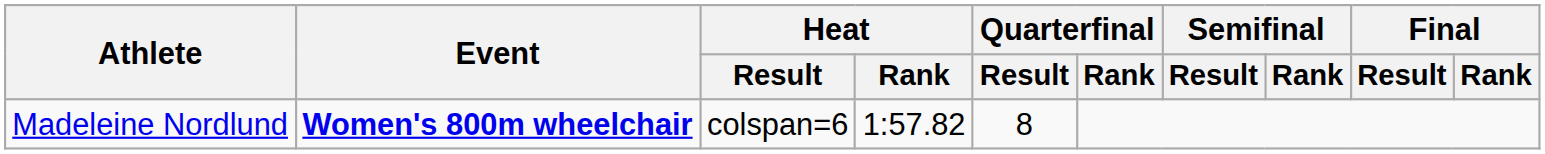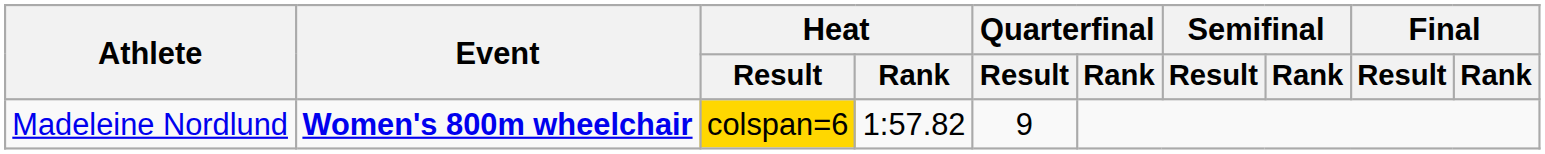 <table class=wikitable style="font-size:90%">
 <tr>
 <th rowspan="2">Athlete</th>
 <th rowspan="2">Event</th>
 <th colspan="2">Heat</th>
 <th colspan="2">Quarterfinal</th>
 <th colspan="2">Semifinal</th>
 <th colspan="2">Final</th>
 </tr>
 <tr style="font-size:95%">
 <th>Result</th>
 <th>Rank</th>
 <th>Result</th>
 <th>Rank</th>
 <th>Result</th>
 <th>Rank</th>
 <th>Result</th>
 <th>Rank</th>
 </tr>
 <tr>
 <td align=left><a href='#'>Madeleine Nordlund</a></td>
 <td align=left><strong><a href='#'>Women's 800m wheelchair</a></strong></td>
-<td>colspan=6 </td>
+<td style="background: gold;">colspan=6 </td>
 <td align=center>1:57.82</td>
-<td align=center>8</td>
+<td align=center>9</td>
 </tr>
 </table>
